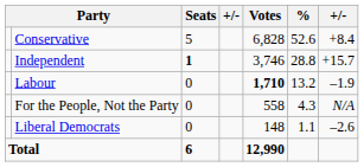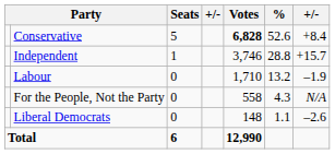 <table class="wikitable sortable">
 <tr>
 <th colspan="2">Party</th>
 <th>Seats</th>
 <th>+/-</th>
 <th>Votes</th>
 <th>%</th>
 <th>+/-</th>
 </tr>
 <tr>
 <td style="background-color: "></td>
 <td><a href='#'>Conservative</a></td>
 <td>5</td>
 <td></td>
-<td style="text-align:right;">6,828</td>
+<td style="text-align:right;"><strong>6,828</strong></td>
 <td style="text-align:right;">52.6</td>
 <td style="text-align:right;">+8.4</td>
 </tr>
 <tr>
 <td style="background-color: "></td>
 <td><a href='#'>Independent</a></td>
-<td><strong>1</strong></td>
+<td>1</td>
 <td></td>
 <td style="text-align:right;">3,746</td>
 <td style="text-align:right;">28.8</td>
 <td style="text-align:right;">+15.7</td>
 </tr>
 <tr>
 <td style="background-color: "></td>
 <td><a href='#'>Labour</a></td>
 <td>0</td>
 <td></td>
-<td style="text-align:right;"><strong>1,710</strong></td>
+<td style="text-align:right;">1,710</td>
 <td style="text-align:right;">13.2</td>
 <td style="text-align:right;">–1.9</td>
 </tr>
 <tr>
 <td style="background-color: "></td>
 <td>For the People, Not the Party</td>
 <td>0</td>
 <td></td>
 <td style="text-align:right;">558</td>
 <td style="text-align:right;">4.3</td>
 <td style="text-align:right;"><em>N/A</em></td>
 </tr>
 <tr>
 <td style="background-color: "></td>
 <td><a href='#'>Liberal Democrats</a></td>
 <td>0</td>
 <td></td>
 <td style="text-align:right;">148</td>
 <td style="text-align:right;">1.1</td>
 <td style="text-align:right;">–2.6</td>
 </tr>
 <tr>
 <td colspan="2"><strong>Total</strong></td>
 <td><strong>6</strong></td>
 <td></td>
 <td style="text-align:right;"><strong>12,990</strong></td>
 <td style="text-align:right;"></td>
 <td style="text-align:right;"></td>
 </tr>
 </table>
